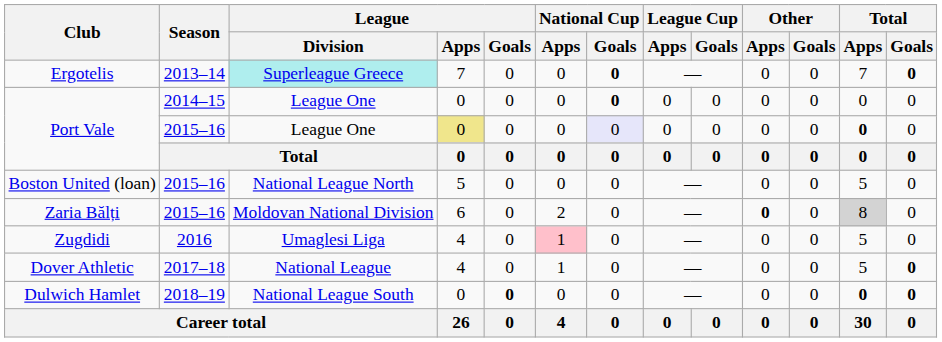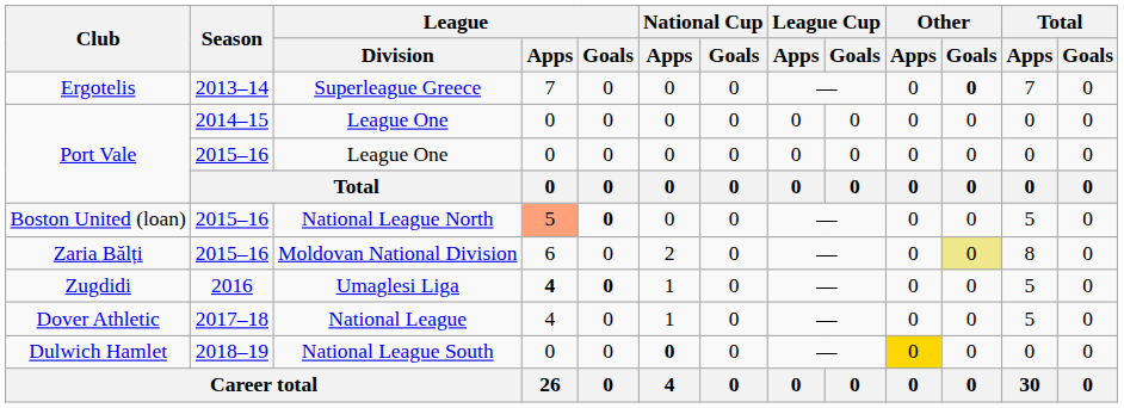 <table class="wikitable" style="text-align: center">
 <tr>
 <th rowspan="2">Club</th>
 <th rowspan="2">Season</th>
 <th colspan="3">League</th>
 <th colspan="2">National Cup</th>
 <th colspan="2">League Cup</th>
 <th colspan="2">Other</th>
 <th colspan="2">Total</th>
 </tr>
 <tr>
 <th>Division</th>
 <th>Apps</th>
 <th>Goals</th>
 <th>Apps</th>
 <th>Goals</th>
 <th>Apps</th>
 <th>Goals</th>
 <th>Apps</th>
 <th>Goals</th>
 <th>Apps</th>
 <th>Goals</th>
 </tr>
 <tr>
 <td><a href='#'>Ergotelis</a></td>
 <td><a href='#'>2013–14</a></td>
-<td style="background: paleturquoise;"><a href='#'>Superleague Greece</a></td>
+<td><a href='#'>Superleague Greece</a></td>
 <td>7</td>
 <td>0</td>
 <td>0</td>
-<td><strong>0</strong></td>
+<td>0</td>
 <td colspan="2">—</td>
 <td>0</td>
+<td><strong>0</strong></td>
+<td>7</td>
 <td>0</td>
-<td>7</td>
-<td><strong>0</strong></td>
 </tr>
 <tr>
 <td rowspan="3"><a href='#'>Port Vale</a></td>
 <td><a href='#'>2014–15</a></td>
 <td><a href='#'>League One</a></td>
 <td>0</td>
 <td>0</td>
 <td>0</td>
-<td><strong>0</strong></td>
+<td>0</td>
 <td>0</td>
 <td>0</td>
 <td>0</td>
 <td>0</td>
 <td>0</td>
 <td>0</td>
 </tr>
 <tr>
 <td><a href='#'>2015–16</a></td>
 <td>League One</td>
-<td style="background: khaki;">0</td>
-<td>0</td>
-<td>0</td>
-<td style="background: lavender;">0</td>
 <td>0</td>
 <td>0</td>
 <td>0</td>
 <td>0</td>
-<td><strong>0</strong></td>
+<td>0</td>
+<td>0</td>
+<td>0</td>
+<td>0</td>
+<td>0</td>
 <td>0</td>
 </tr>
 <tr>
 <th colspan="2">Total</th>
 <th>0</th>
 <th>0</th>
 <th>0</th>
 <th>0</th>
 <th>0</th>
 <th>0</th>
 <th>0</th>
 <th>0</th>
 <th>0</th>
 <th>0</th>
 </tr>
 <tr>
 <td><a href='#'>Boston United</a> (loan)</td>
 <td><a href='#'>2015–16</a></td>
 <td><a href='#'>National League North</a></td>
-<td>5</td>
-<td>0</td>
+<td style="background: lightsalmon;">5</td>
+<td><strong>0</strong></td>
 <td>0</td>
 <td>0</td>
 <td colspan="2">—</td>
 <td>0</td>
 <td>0</td>
 <td>5</td>
 <td>0</td>
 </tr>
 <tr>
 <td><a href='#'>Zaria Bălți</a></td>
 <td><a href='#'>2015–16</a></td>
 <td><a href='#'>Moldovan National Division</a></td>
 <td>6</td>
 <td>0</td>
 <td>2</td>
 <td>0</td>
 <td colspan="2">—</td>
-<td><strong>0</strong></td>
 <td>0</td>
-<td style="background: lightgrey;">8</td>
+<td style="background: khaki;">0</td>
+<td>8</td>
 <td>0</td>
 </tr>
 <tr>
 <td><a href='#'>Zugdidi</a></td>
 <td><a href='#'>2016</a></td>
 <td><a href='#'>Umaglesi Liga</a></td>
-<td>4</td>
-<td>0</td>
-<td style="background: pink;">1</td>
+<td><strong>4</strong></td>
+<td><strong>0</strong></td>
+<td>1</td>
 <td>0</td>
 <td colspan="2">—</td>
 <td>0</td>
 <td>0</td>
 <td>5</td>
 <td>0</td>
 </tr>
 <tr>
 <td><a href='#'>Dover Athletic</a></td>
 <td><a href='#'>2017–18</a></td>
 <td><a href='#'>National League</a></td>
 <td>4</td>
 <td>0</td>
 <td>1</td>
 <td>0</td>
 <td colspan="2">—</td>
 <td>0</td>
 <td>0</td>
 <td>5</td>
-<td><strong>0</strong></td>
+<td>0</td>
 </tr>
 <tr>
 <td><a href='#'>Dulwich Hamlet</a></td>
 <td><a href='#'>2018–19</a></td>
 <td><a href='#'>National League South</a></td>
 <td>0</td>
+<td>0</td>
 <td><strong>0</strong></td>
 <td>0</td>
-<td>0</td>
 <td colspan="2">—</td>
+<td style="background: gold;">0</td>
 <td>0</td>
 <td>0</td>
-<td><strong>0</strong></td>
-<td><strong>0</strong></td>
+<td>0</td>
 </tr>
 <tr>
 <th colspan="3">Career total</th>
 <th>26</th>
 <th>0</th>
 <th>4</th>
 <th>0</th>
 <th>0</th>
 <th>0</th>
 <th>0</th>
 <th>0</th>
 <th>30</th>
 <th>0</th>
 </tr>
 </table>
